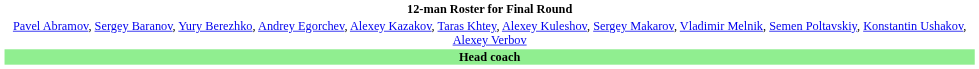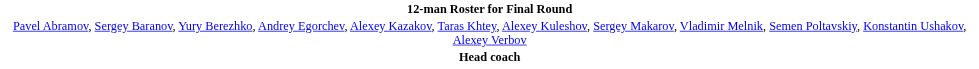 <table style="text-align: center; margin-top: 2em; margin-left: auto; margin-right: auto">
 <tr>
 <td><strong>12-man Roster for Final Round</strong></td>
 </tr>
 <tr>
 <td><a href='#'>Pavel Abramov</a>, <a href='#'>Sergey Baranov</a>, <a href='#'>Yury Berezhko</a>, <a href='#'>Andrey Egorchev</a>, <a href='#'>Alexey Kazakov</a>, <a href='#'>Taras Khtey</a>, <a href='#'>Alexey Kuleshov</a>, <a href='#'>Sergey Makarov</a>, <a href='#'>Vladimir Melnik</a>, <a href='#'>Semen Poltavskiy</a>, <a href='#'>Konstantin Ushakov</a>, <a href='#'>Alexey Verbov</a></td>
 </tr>
 <tr>
-<td style="background: lightgreen;"><strong>Head coach</strong></td>
+<td><strong>Head coach</strong></td>
 </tr>
 <tr>
 <td></td>
 </tr>
 </table>
